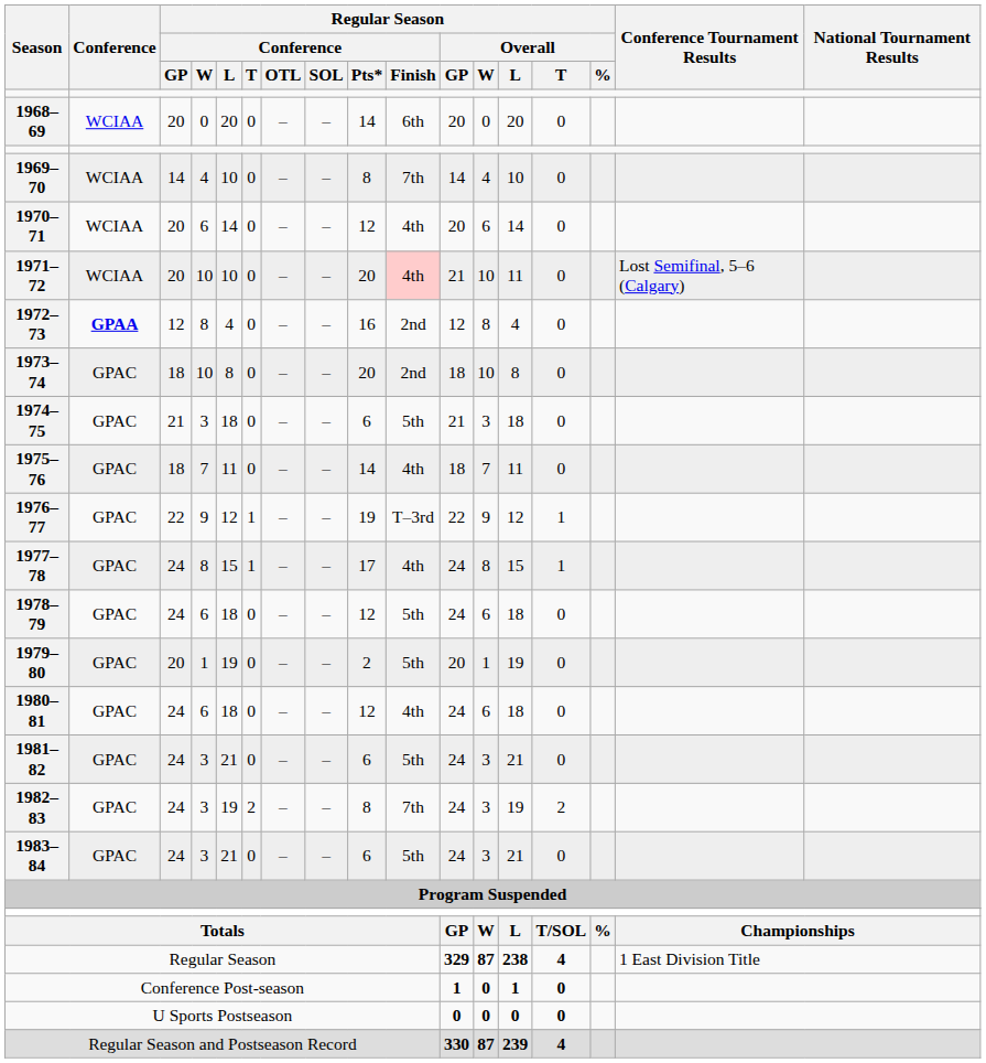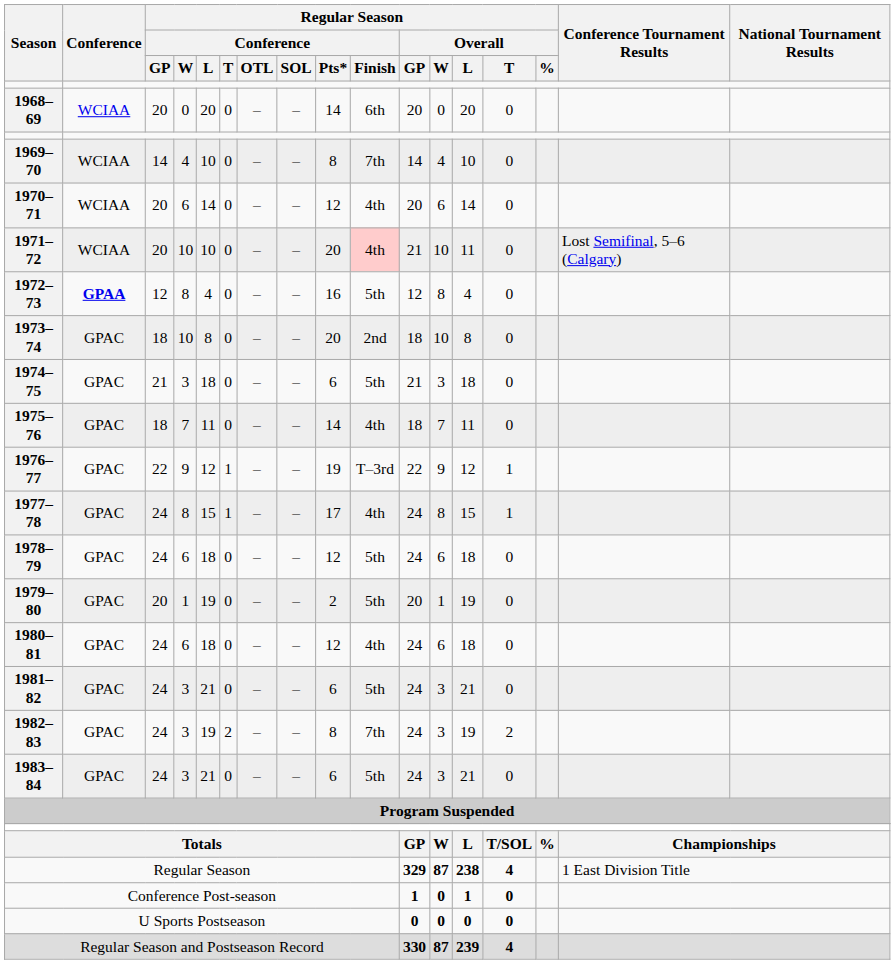 <table class="wikitable" style="text-align: center; font-size: 95%">
 <tr>
 <th rowspan="3">Season</th>
 <th rowspan="3">Conference</th>
 <th colspan="13">Regular Season</th>
 <th rowspan="3">Conference Tournament Results</th>
 <th rowspan="3">National Tournament Results</th>
 </tr>
 <tr>
 <th colspan="8">Conference</th>
 <th colspan="5">Overall</th>
 </tr>
 <tr>
 <th>GP</th>
 <th>W</th>
 <th>L</th>
 <th>T</th>
 <th>OTL</th>
 <th>SOL</th>
 <th>Pts*</th>
 <th>Finish</th>
 <th>GP</th>
 <th>W</th>
 <th>L</th>
 <th>T</th>
 <th>%</th>
 </tr>
 <tr>
 <td><strong><a href='#'></a> </strong></td>
 </tr>
 <tr>
 <th>1968–69</th>
 <td><a href='#'>WCIAA</a></td>
 <td>20</td>
 <td>0</td>
 <td>20</td>
 <td>0</td>
 <td>–</td>
 <td>–</td>
 <td>14</td>
 <td>6th</td>
 <td>20</td>
 <td>0</td>
 <td>20</td>
 <td>0</td>
 <td></td>
 <td align="left"></td>
 <td align="left"></td>
 </tr>
 <tr>
 <td><strong> </strong></td>
 </tr>
 <tr bgcolor=eeeeee>
 <th>1969–70</th>
 <td>WCIAA</td>
 <td>14</td>
 <td>4</td>
 <td>10</td>
 <td>0</td>
 <td>–</td>
 <td>–</td>
 <td>8</td>
 <td>7th</td>
 <td>14</td>
 <td>4</td>
 <td>10</td>
 <td>0</td>
 <td></td>
 <td align="left"></td>
 <td align="left"></td>
 </tr>
 <tr>
 <th>1970–71</th>
 <td>WCIAA</td>
 <td>20</td>
 <td>6</td>
 <td>14</td>
 <td>0</td>
 <td>–</td>
 <td>–</td>
 <td>12</td>
 <td>4th</td>
 <td>20</td>
 <td>6</td>
 <td>14</td>
 <td>0</td>
 <td></td>
 <td align="left"></td>
 <td align="left"></td>
 </tr>
 <tr bgcolor=eeeeee>
 <th>1971–72</th>
 <td>WCIAA</td>
 <td>20</td>
 <td>10</td>
 <td>10</td>
 <td>0</td>
 <td>–</td>
 <td>–</td>
 <td>20</td>
 <td bgcolor=ffcccc>4th</td>
 <td>21</td>
 <td>10</td>
 <td>11</td>
 <td>0</td>
 <td></td>
 <td align="left">Lost <a href='#'>Semifinal</a>, 5–6 (<a href='#'>Calgary</a>)</td>
 <td align="left"></td>
 </tr>
 <tr>
 <th>1972–73</th>
 <td><strong><a href='#'>GPAA</a></strong></td>
 <td>12</td>
 <td>8</td>
 <td>4</td>
 <td>0</td>
 <td>–</td>
 <td>–</td>
 <td>16</td>
-<td>2nd</td>
+<td>5th</td>
 <td>12</td>
 <td>8</td>
 <td>4</td>
 <td>0</td>
 <td></td>
 <td align="left"></td>
 <td align="left"></td>
 </tr>
 <tr bgcolor=eeeeee>
 <th>1973–74</th>
 <td>GPAC</td>
 <td>18</td>
 <td>10</td>
 <td>8</td>
 <td>0</td>
 <td>–</td>
 <td>–</td>
 <td>20</td>
 <td>2nd</td>
 <td>18</td>
 <td>10</td>
 <td>8</td>
 <td>0</td>
 <td></td>
 <td align="left"></td>
 <td align="left"></td>
 </tr>
 <tr>
 <th>1974–75</th>
 <td>GPAC</td>
 <td>21</td>
 <td>3</td>
 <td>18</td>
 <td>0</td>
 <td>–</td>
 <td>–</td>
 <td>6</td>
 <td>5th</td>
 <td>21</td>
 <td>3</td>
 <td>18</td>
 <td>0</td>
 <td></td>
 <td align="left"></td>
 <td align="left"></td>
 </tr>
 <tr bgcolor=eeeeee>
 <th>1975–76</th>
 <td>GPAC</td>
 <td>18</td>
 <td>7</td>
 <td>11</td>
 <td>0</td>
 <td>–</td>
 <td>–</td>
 <td>14</td>
 <td>4th</td>
 <td>18</td>
 <td>7</td>
 <td>11</td>
 <td>0</td>
 <td></td>
 <td align="left"></td>
 <td align="left"></td>
 </tr>
 <tr>
 <th>1976–77</th>
 <td>GPAC</td>
 <td>22</td>
 <td>9</td>
 <td>12</td>
 <td>1</td>
 <td>–</td>
 <td>–</td>
 <td>19</td>
 <td>T–3rd</td>
 <td>22</td>
 <td>9</td>
 <td>12</td>
 <td>1</td>
 <td></td>
 <td align="left"></td>
 <td align="left"></td>
 </tr>
 <tr bgcolor=eeeeee>
 <th>1977–78</th>
 <td>GPAC</td>
 <td>24</td>
 <td>8</td>
 <td>15</td>
 <td>1</td>
 <td>–</td>
 <td>–</td>
 <td>17</td>
 <td>4th</td>
 <td>24</td>
 <td>8</td>
 <td>15</td>
 <td>1</td>
 <td></td>
 <td align="left"></td>
 <td align="left"></td>
 </tr>
 <tr>
 <th>1978–79</th>
 <td>GPAC</td>
 <td>24</td>
 <td>6</td>
 <td>18</td>
 <td>0</td>
 <td>–</td>
 <td>–</td>
 <td>12</td>
 <td>5th</td>
 <td>24</td>
 <td>6</td>
 <td>18</td>
 <td>0</td>
 <td></td>
 <td align="left"></td>
 <td align="left"></td>
 </tr>
 <tr bgcolor=eeeeee>
 <th>1979–80</th>
 <td>GPAC</td>
 <td>20</td>
 <td>1</td>
 <td>19</td>
 <td>0</td>
 <td>–</td>
 <td>–</td>
 <td>2</td>
 <td>5th</td>
 <td>20</td>
 <td>1</td>
 <td>19</td>
 <td>0</td>
 <td></td>
 <td align="left"></td>
 <td align="left"></td>
 </tr>
 <tr>
 <th>1980–81</th>
 <td>GPAC</td>
 <td>24</td>
 <td>6</td>
 <td>18</td>
 <td>0</td>
 <td>–</td>
 <td>–</td>
 <td>12</td>
 <td>4th</td>
 <td>24</td>
 <td>6</td>
 <td>18</td>
 <td>0</td>
 <td></td>
 <td align="left"></td>
 <td align="left"></td>
 </tr>
 <tr bgcolor=eeeeee>
 <th>1981–82</th>
 <td>GPAC</td>
 <td>24</td>
 <td>3</td>
 <td>21</td>
 <td>0</td>
 <td>–</td>
 <td>–</td>
 <td>6</td>
 <td>5th</td>
 <td>24</td>
 <td>3</td>
 <td>21</td>
 <td>0</td>
 <td></td>
 <td align="left"></td>
 <td align="left"></td>
 </tr>
 <tr>
 <th>1982–83</th>
 <td>GPAC</td>
 <td>24</td>
 <td>3</td>
 <td>19</td>
 <td>2</td>
 <td>–</td>
 <td>–</td>
 <td>8</td>
 <td>7th</td>
 <td>24</td>
 <td>3</td>
 <td>19</td>
 <td>2</td>
 <td></td>
 <td align="left"></td>
 <td align="left"></td>
 </tr>
 <tr bgcolor=eeeeee>
 <th>1983–84</th>
 <td>GPAC</td>
 <td>24</td>
 <td>3</td>
 <td>21</td>
 <td>0</td>
 <td>–</td>
 <td>–</td>
 <td>6</td>
 <td>5th</td>
 <td>24</td>
 <td>3</td>
 <td>21</td>
 <td>0</td>
 <td></td>
 <td align="left"></td>
 <td align="left"></td>
 </tr>
 <tr bgcolor=cccccc>
 <td colspan=17><strong>Program Suspended</strong></td>
 </tr>
 <tr>
 </tr>
 <tr ->
 </tr>
 <tr>
 <td colspan="17" style="background:#fff;"></td>
 </tr>
 <tr>
 <th colspan="10">Totals</th>
 <th>GP</th>
 <th>W</th>
 <th>L</th>
 <th>T/SOL</th>
 <th>%</th>
 <th colspan="2">Championships</th>
 </tr>
 <tr>
 <td colspan="10">Regular Season</td>
 <td><strong>329</strong></td>
 <td><strong>87</strong></td>
 <td><strong>238</strong></td>
 <td><strong>4</strong></td>
 <td><strong></strong></td>
 <td colspan="2" align="left">1 East Division Title</td>
 </tr>
 <tr>
 <td colspan="10">Conference Post-season</td>
 <td><strong>1</strong></td>
 <td><strong>0</strong></td>
 <td><strong>1</strong></td>
 <td><strong>0</strong></td>
 <td><strong></strong></td>
 <td colspan="2" align="left"></td>
 </tr>
 <tr>
 <td colspan="10">U Sports Postseason</td>
 <td><strong>0</strong></td>
 <td><strong>0</strong></td>
 <td><strong>0</strong></td>
 <td><strong>0</strong></td>
 <td><strong></strong></td>
 <td colspan="2" align="left"></td>
 </tr>
 <tr bgcolor=dddddd>
 <td colspan="10">Regular Season and Postseason Record</td>
 <td><strong>330</strong></td>
 <td><strong>87</strong></td>
 <td><strong>239</strong></td>
 <td><strong>4</strong></td>
 <td><strong></strong></td>
 <td colspan="2" align="left"></td>
 </tr>
 </table>
